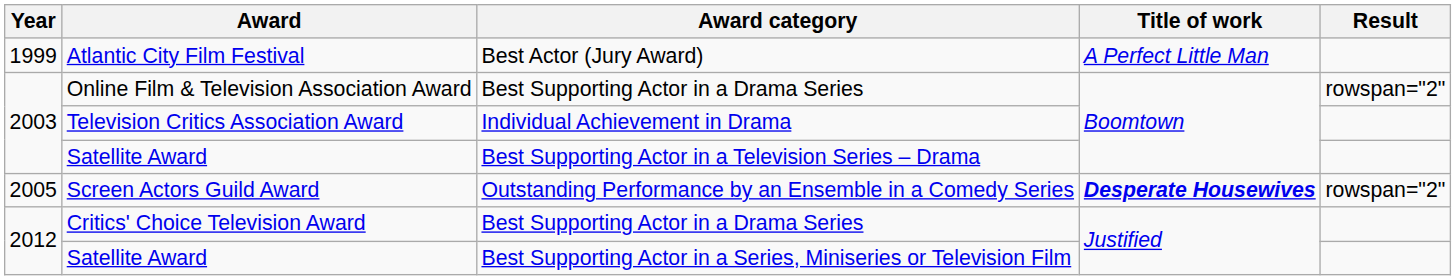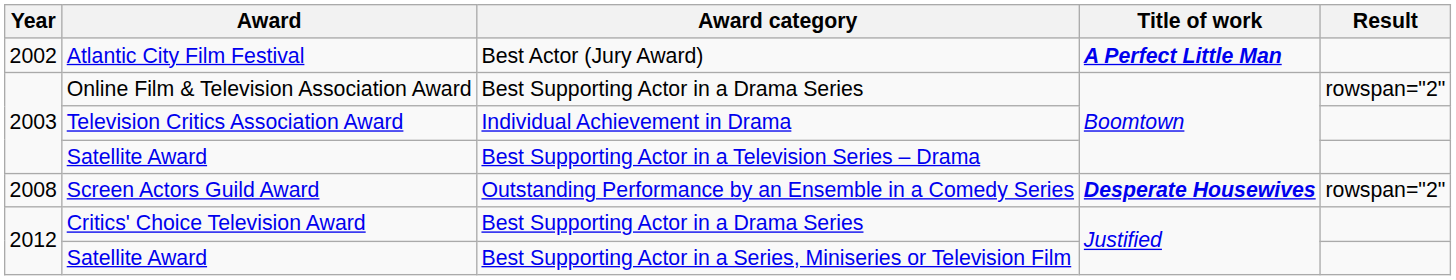 <table class="wikitable sortable">
 <tr>
 <th>Year</th>
 <th>Award</th>
 <th>Award category</th>
 <th>Title of work</th>
 <th>Result</th>
 </tr>
 <tr>
-<td>1999</td>
+<td>2002</td>
 <td><a href='#'>Atlantic City Film Festival</a></td>
 <td>Best Actor (Jury Award)</td>
-<td><em><a href='#'>A Perfect Little Man</a></em></td>
+<td><strong><em><a href='#'>A Perfect Little Man</a></em></strong></td>
 <td></td>
 </tr>
 <tr>
 <td rowspan="3">2003</td>
 <td>Online Film & Television Association Award</td>
 <td>Best Supporting Actor in a Drama Series</td>
 <td rowspan="3"><em><a href='#'>Boomtown</a></em></td>
 <td>rowspan="2" </td>
 </tr>
 <tr>
 <td><a href='#'>Television Critics Association Award</a></td>
 <td><a href='#'>Individual Achievement in Drama</a></td>
 </tr>
 <tr>
 <td><a href='#'>Satellite Award</a></td>
 <td><a href='#'>Best Supporting Actor in a Television Series – Drama</a></td>
 <td></td>
 </tr>
 <tr>
-<td>2005</td>
+<td>2008</td>
 <td><a href='#'>Screen Actors Guild Award</a></td>
 <td><a href='#'>Outstanding Performance by an Ensemble in a Comedy Series</a></td>
 <td><strong><em><a href='#'>Desperate Housewives</a></em></strong></td>
 <td>rowspan="2" </td>
 </tr>
 <tr>
 <td rowspan="2">2012</td>
 <td><a href='#'>Critics' Choice Television Award</a></td>
 <td><a href='#'>Best Supporting Actor in a Drama Series</a></td>
 <td rowspan="2"><em><a href='#'>Justified</a></em></td>
 </tr>
 <tr>
 <td><a href='#'>Satellite Award</a></td>
 <td><a href='#'>Best Supporting Actor in a Series, Miniseries or Television Film</a></td>
 <td></td>
 </tr>
 </table>
